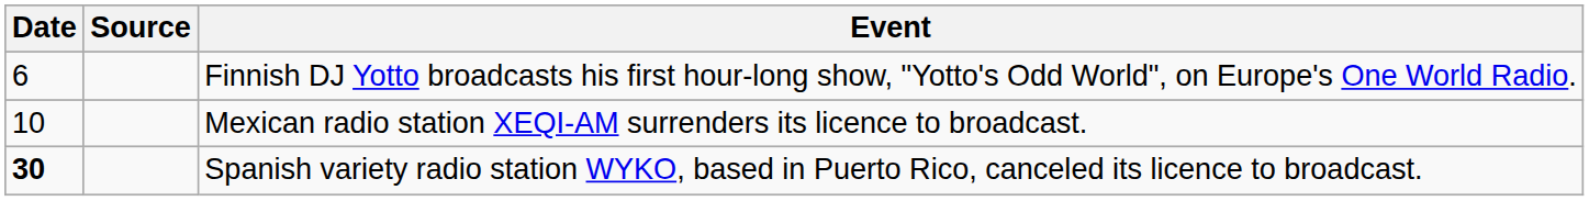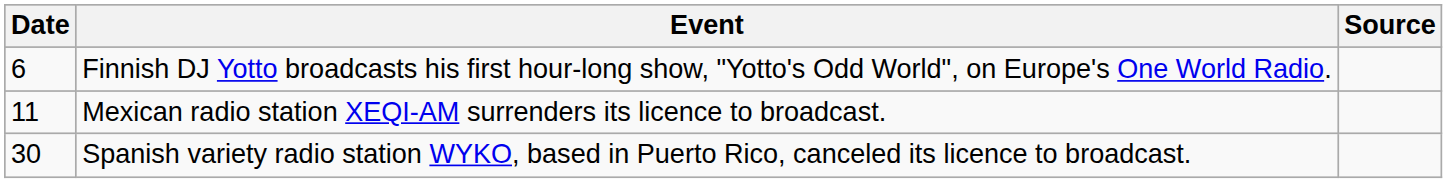 <table class=wikitable>
 <tr>
 <th>Date</th>
+<th>Event</th>
 <th>Source</th>
-<th>Event</th>
 </tr>
 <tr>
 <td>6</td>
+<td>Finnish DJ <a href='#'>Yotto</a> broadcasts his first hour-long show, "Yotto's Odd World", on Europe's <a href='#'>One World Radio</a>.</td>
 <td></td>
-<td>Finnish DJ <a href='#'>Yotto</a> broadcasts his first hour-long show, "Yotto's Odd World", on Europe's <a href='#'>One World Radio</a>.</td>
 </tr>
 <tr>
-<td>10</td>
+<td>11</td>
+<td>Mexican radio station <a href='#'>XEQI-AM</a> surrenders its licence to broadcast.</td>
 <td></td>
-<td>Mexican radio station <a href='#'>XEQI-AM</a> surrenders its licence to broadcast.</td>
 </tr>
 <tr>
-<td><strong>30</strong></td>
+<td>30</td>
+<td>Spanish variety radio station <a href='#'>WYKO</a>, based in Puerto Rico, canceled its licence to broadcast.</td>
 <td></td>
-<td>Spanish variety radio station <a href='#'>WYKO</a>, based in Puerto Rico, canceled its licence to broadcast.</td>
 </tr>
 </table>
